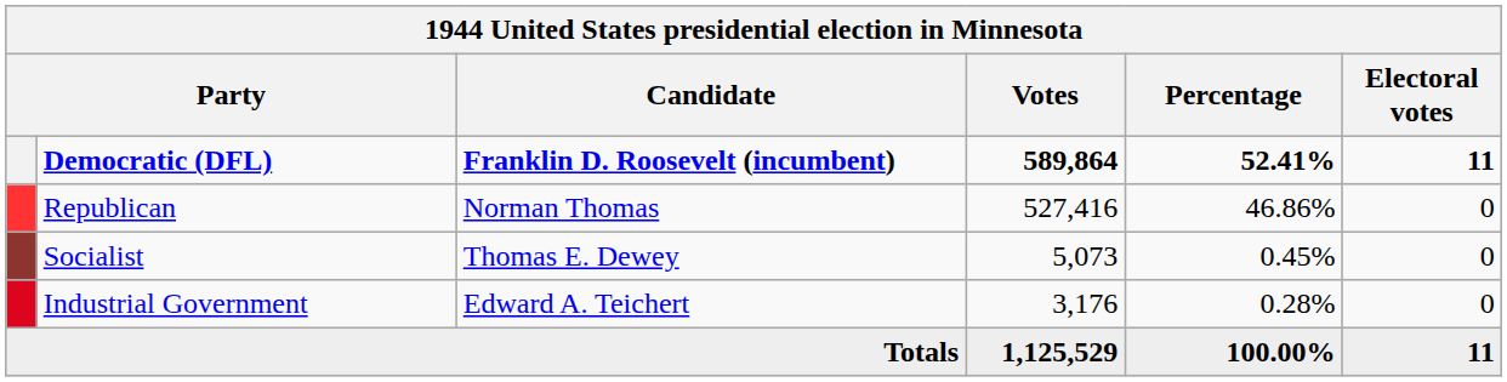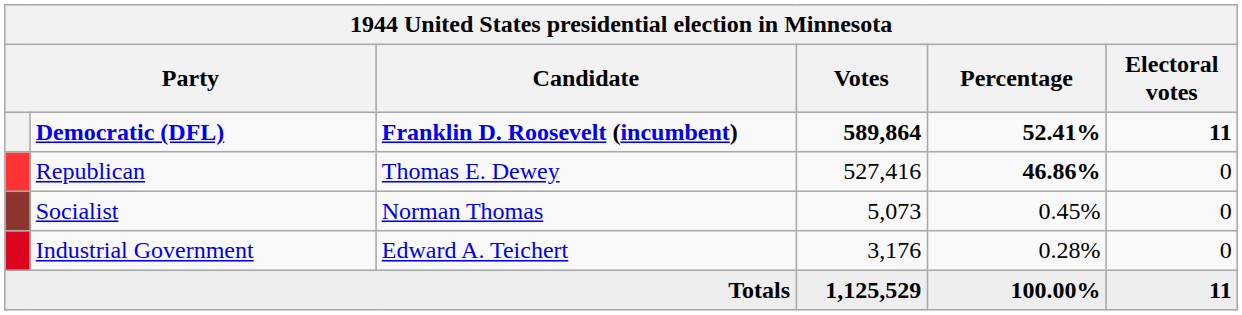 <table class="wikitable" style="font-size: 95%;">
 <tr>
 <th colspan="6">1944 United States presidential election in Minnesota</th>
 </tr>
 <tr>
 <th colspan="2" style="width: 15em">Party</th>
 <th style="width: 17em">Candidate</th>
 <th style="width: 5em">Votes</th>
 <th style="width: 7em">Percentage</th>
 <th style="width: 5em">Electoral votes</th>
 </tr>
 <tr>
 <th style="background-color:"></th>
 <td style="width: 130px"><strong><a href='#'>Democratic (DFL)</a></strong></td>
 <td><strong><a href='#'>Franklin D. Roosevelt</a> (<a href='#'>incumbent</a>)</strong></td>
 <td align="right"><strong>589,864</strong></td>
 <td align="right"><strong>52.41%</strong></td>
 <td align="right"><strong>11</strong></td>
 </tr>
 <tr>
 <th style="background-color:#FF3333; width: 3px"></th>
 <td style="width: 130px"><a href='#'>Republican</a></td>
-<td><a href='#'>Norman Thomas</a></td>
+<td><a href='#'>Thomas E. Dewey</a></td>
 <td align="right">527,416</td>
-<td align="right">46.86%</td>
+<td align="right"><strong>46.86%</strong></td>
 <td align="right">0</td>
 </tr>
 <tr>
 <th style="background-color:#8D342E; width: 3px"></th>
 <td style="width: 130px"><a href='#'>Socialist</a></td>
-<td><a href='#'>Thomas E. Dewey</a></td>
+<td><a href='#'>Norman Thomas</a></td>
 <td align="right">5,073</td>
 <td align="right">0.45%</td>
 <td align="right">0</td>
 </tr>
 <tr>
 <th style="background-color:#DD051D; width: 3px"></th>
 <td style="width: 130px"><a href='#'>Industrial Government</a></td>
 <td><a href='#'>Edward A. Teichert</a></td>
 <td align="right">3,176</td>
 <td align="right">0.28%</td>
 <td align="right">0</td>
 </tr>
 <tr bgcolor="#EEEEEE">
 <td colspan="3" align="right"><strong>Totals</strong></td>
 <td align="right"><strong>1,125,529</strong></td>
 <td align="right"><strong>100.00%</strong></td>
 <td align="right"><strong>11</strong></td>
 </tr>
 </table>
